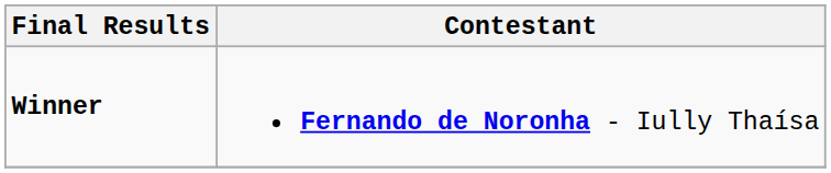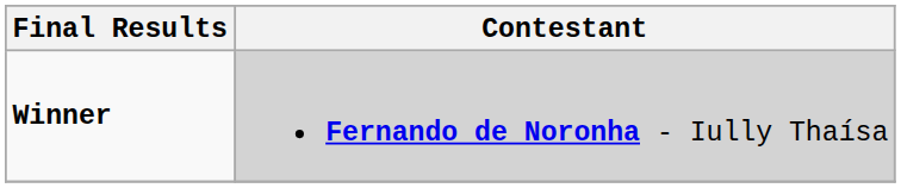 <table class="wikitable">
 <tr>
 <th>Final Results</th>
 <th>Contestant</th>
 </tr>
 <tr>
 <td><strong>Winner</strong></td>
-<td><br><ul><li><strong> <a href='#'>Fernando de Noronha</a></strong> - Iully Thaísa</li></ul></td>
+<td style="background: lightgrey;"><br><ul><li><strong> <a href='#'>Fernando de Noronha</a></strong> - Iully Thaísa</li></ul></td>
 </tr>
 <tr>
 </tr>
 </table>
